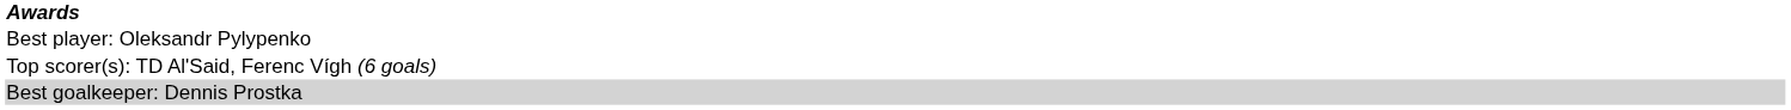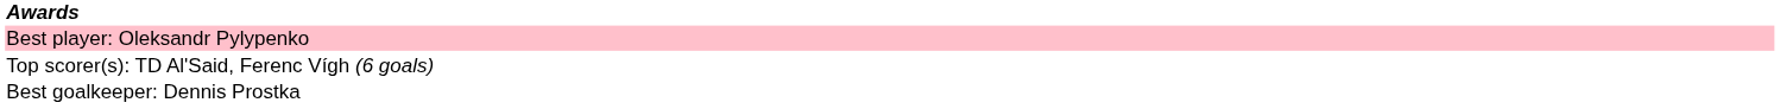 <table width=100% cellspacing=1 style="font-size: 90%;">
 <tr>
 <td><strong><em>Awards</em></strong></td>
 </tr>
 <tr>
-<td>Best player:  Oleksandr Pylypenko</td>
+<td style="background: pink;">Best player:  Oleksandr Pylypenko</td>
 </tr>
 <tr>
 <td colspan=4>Top scorer(s):  TD Al'Said,  Ferenc Vígh <em>(6 goals)</em></td>
 </tr>
 <tr>
-<td style="background: lightgrey;">Best goalkeeper:  Dennis Prostka</td>
+<td>Best goalkeeper:  Dennis Prostka</td>
 </tr>
 </table>
